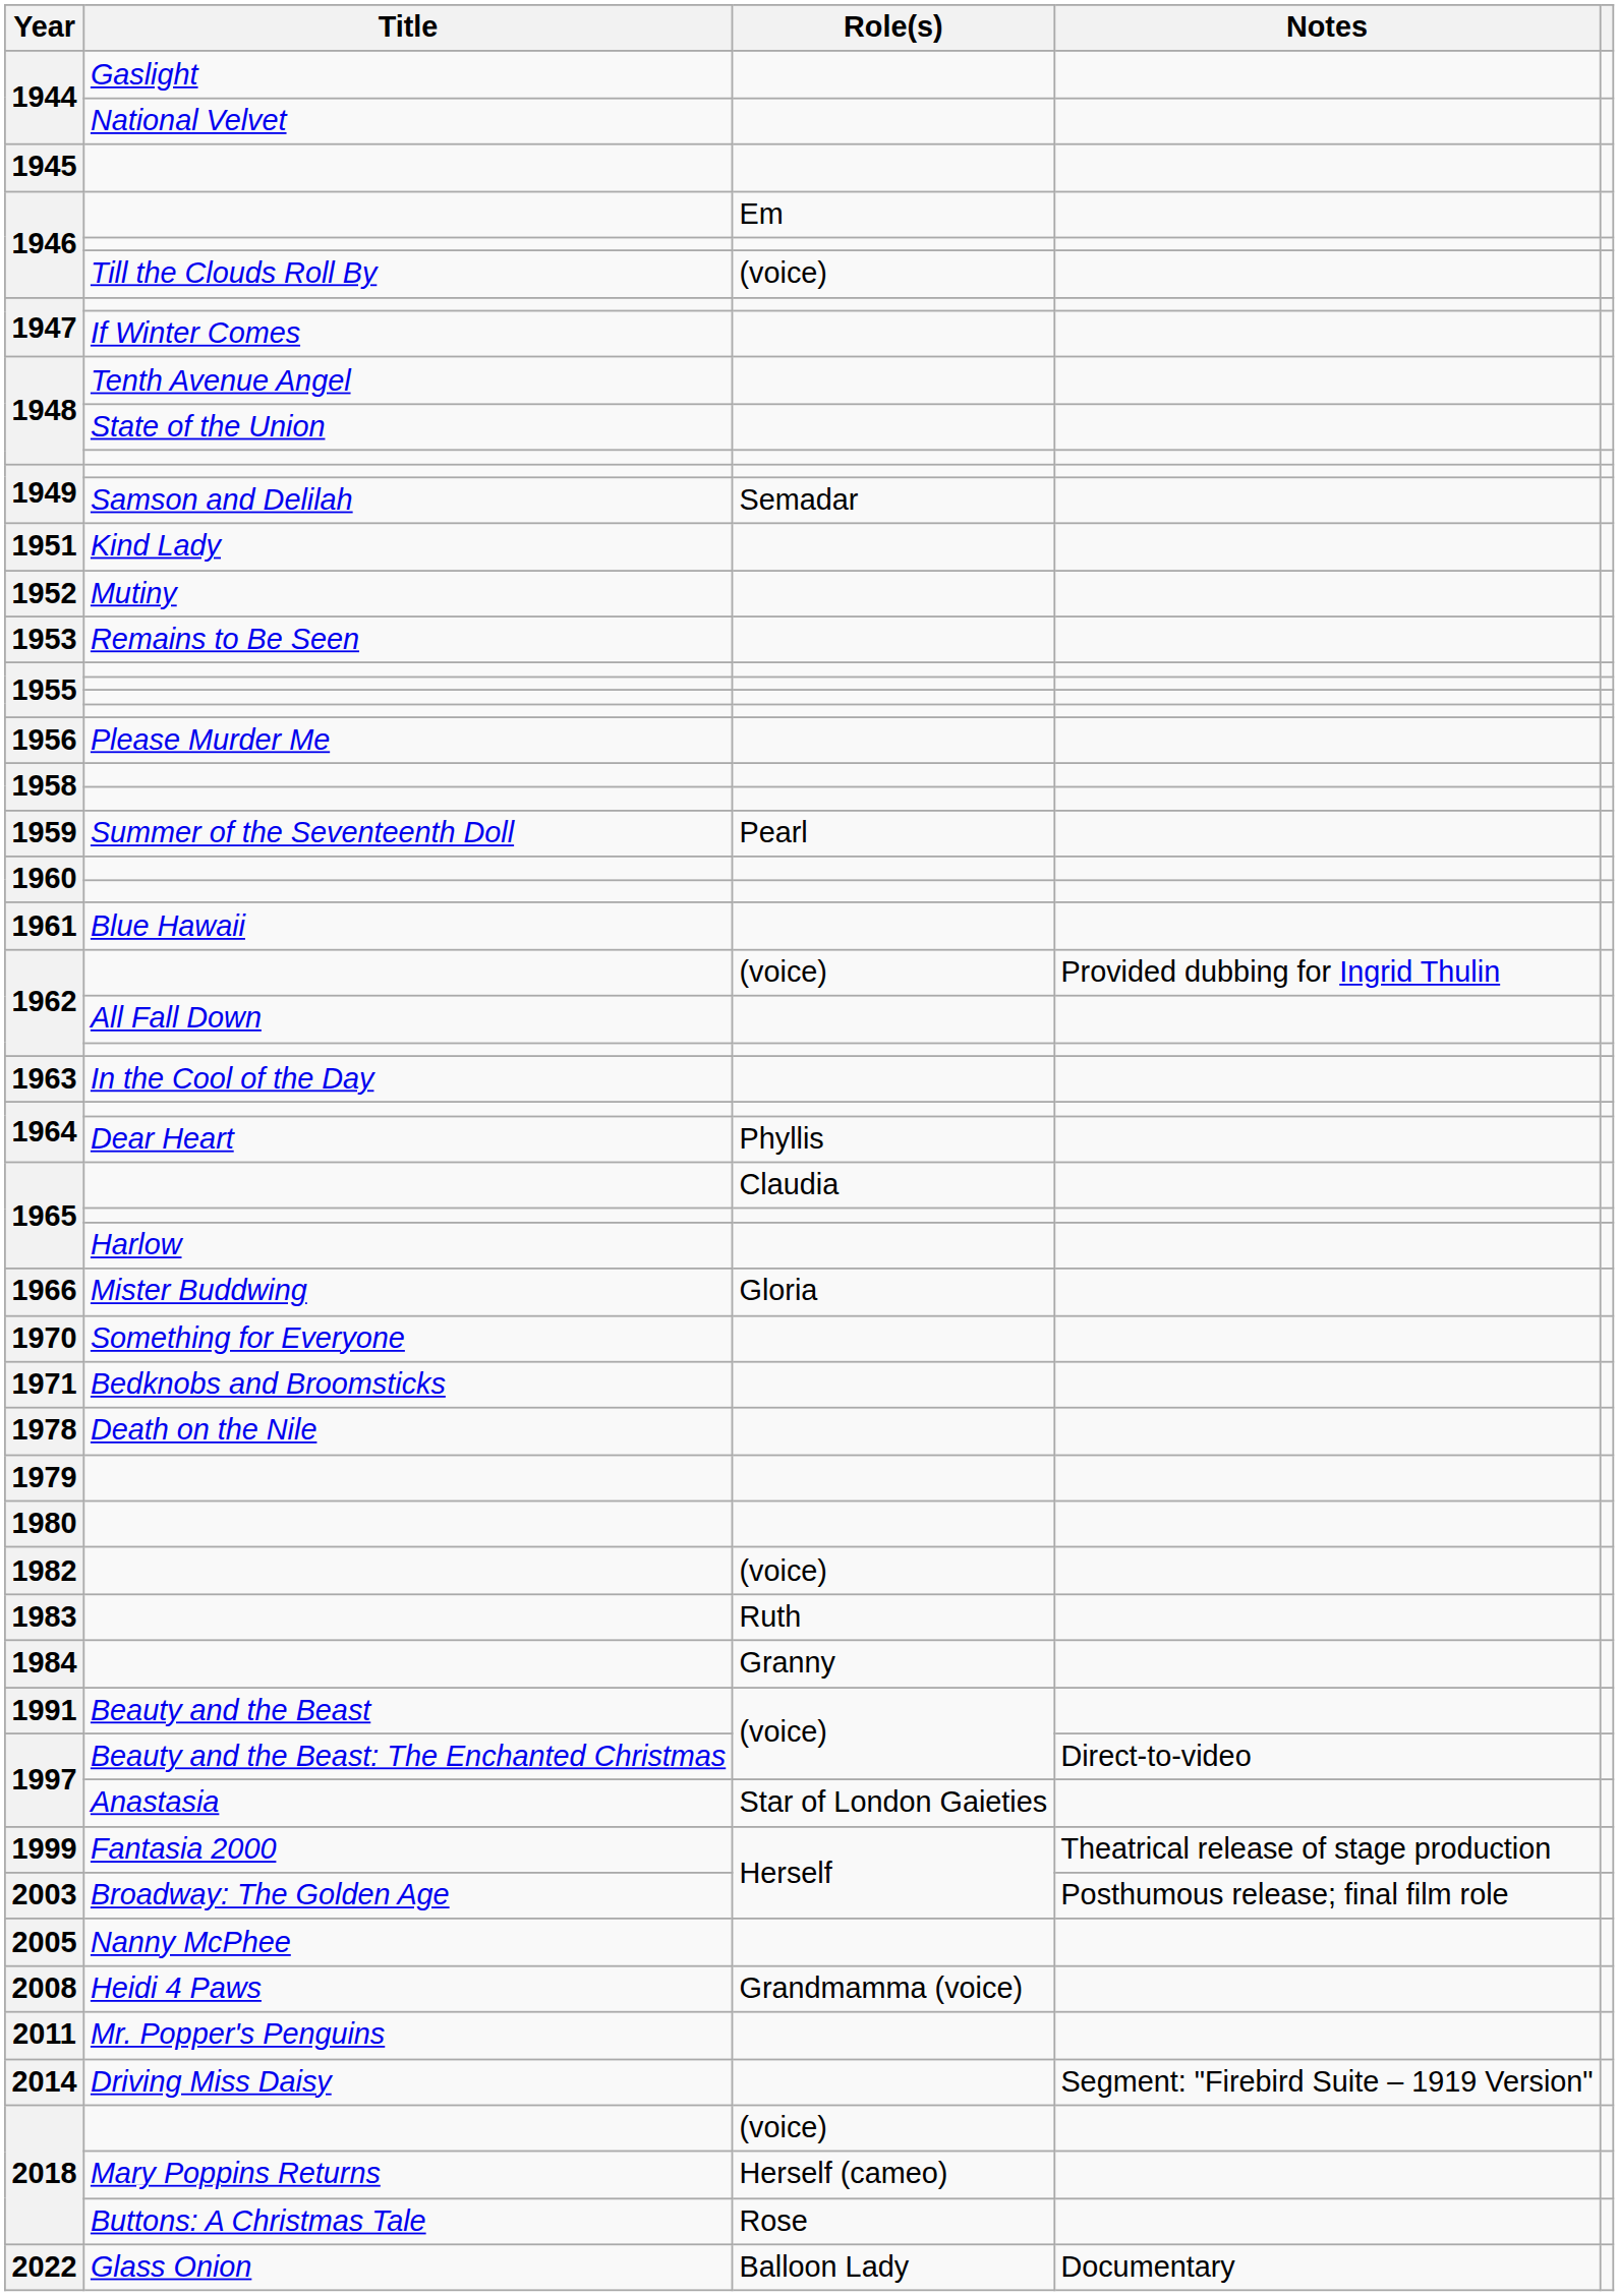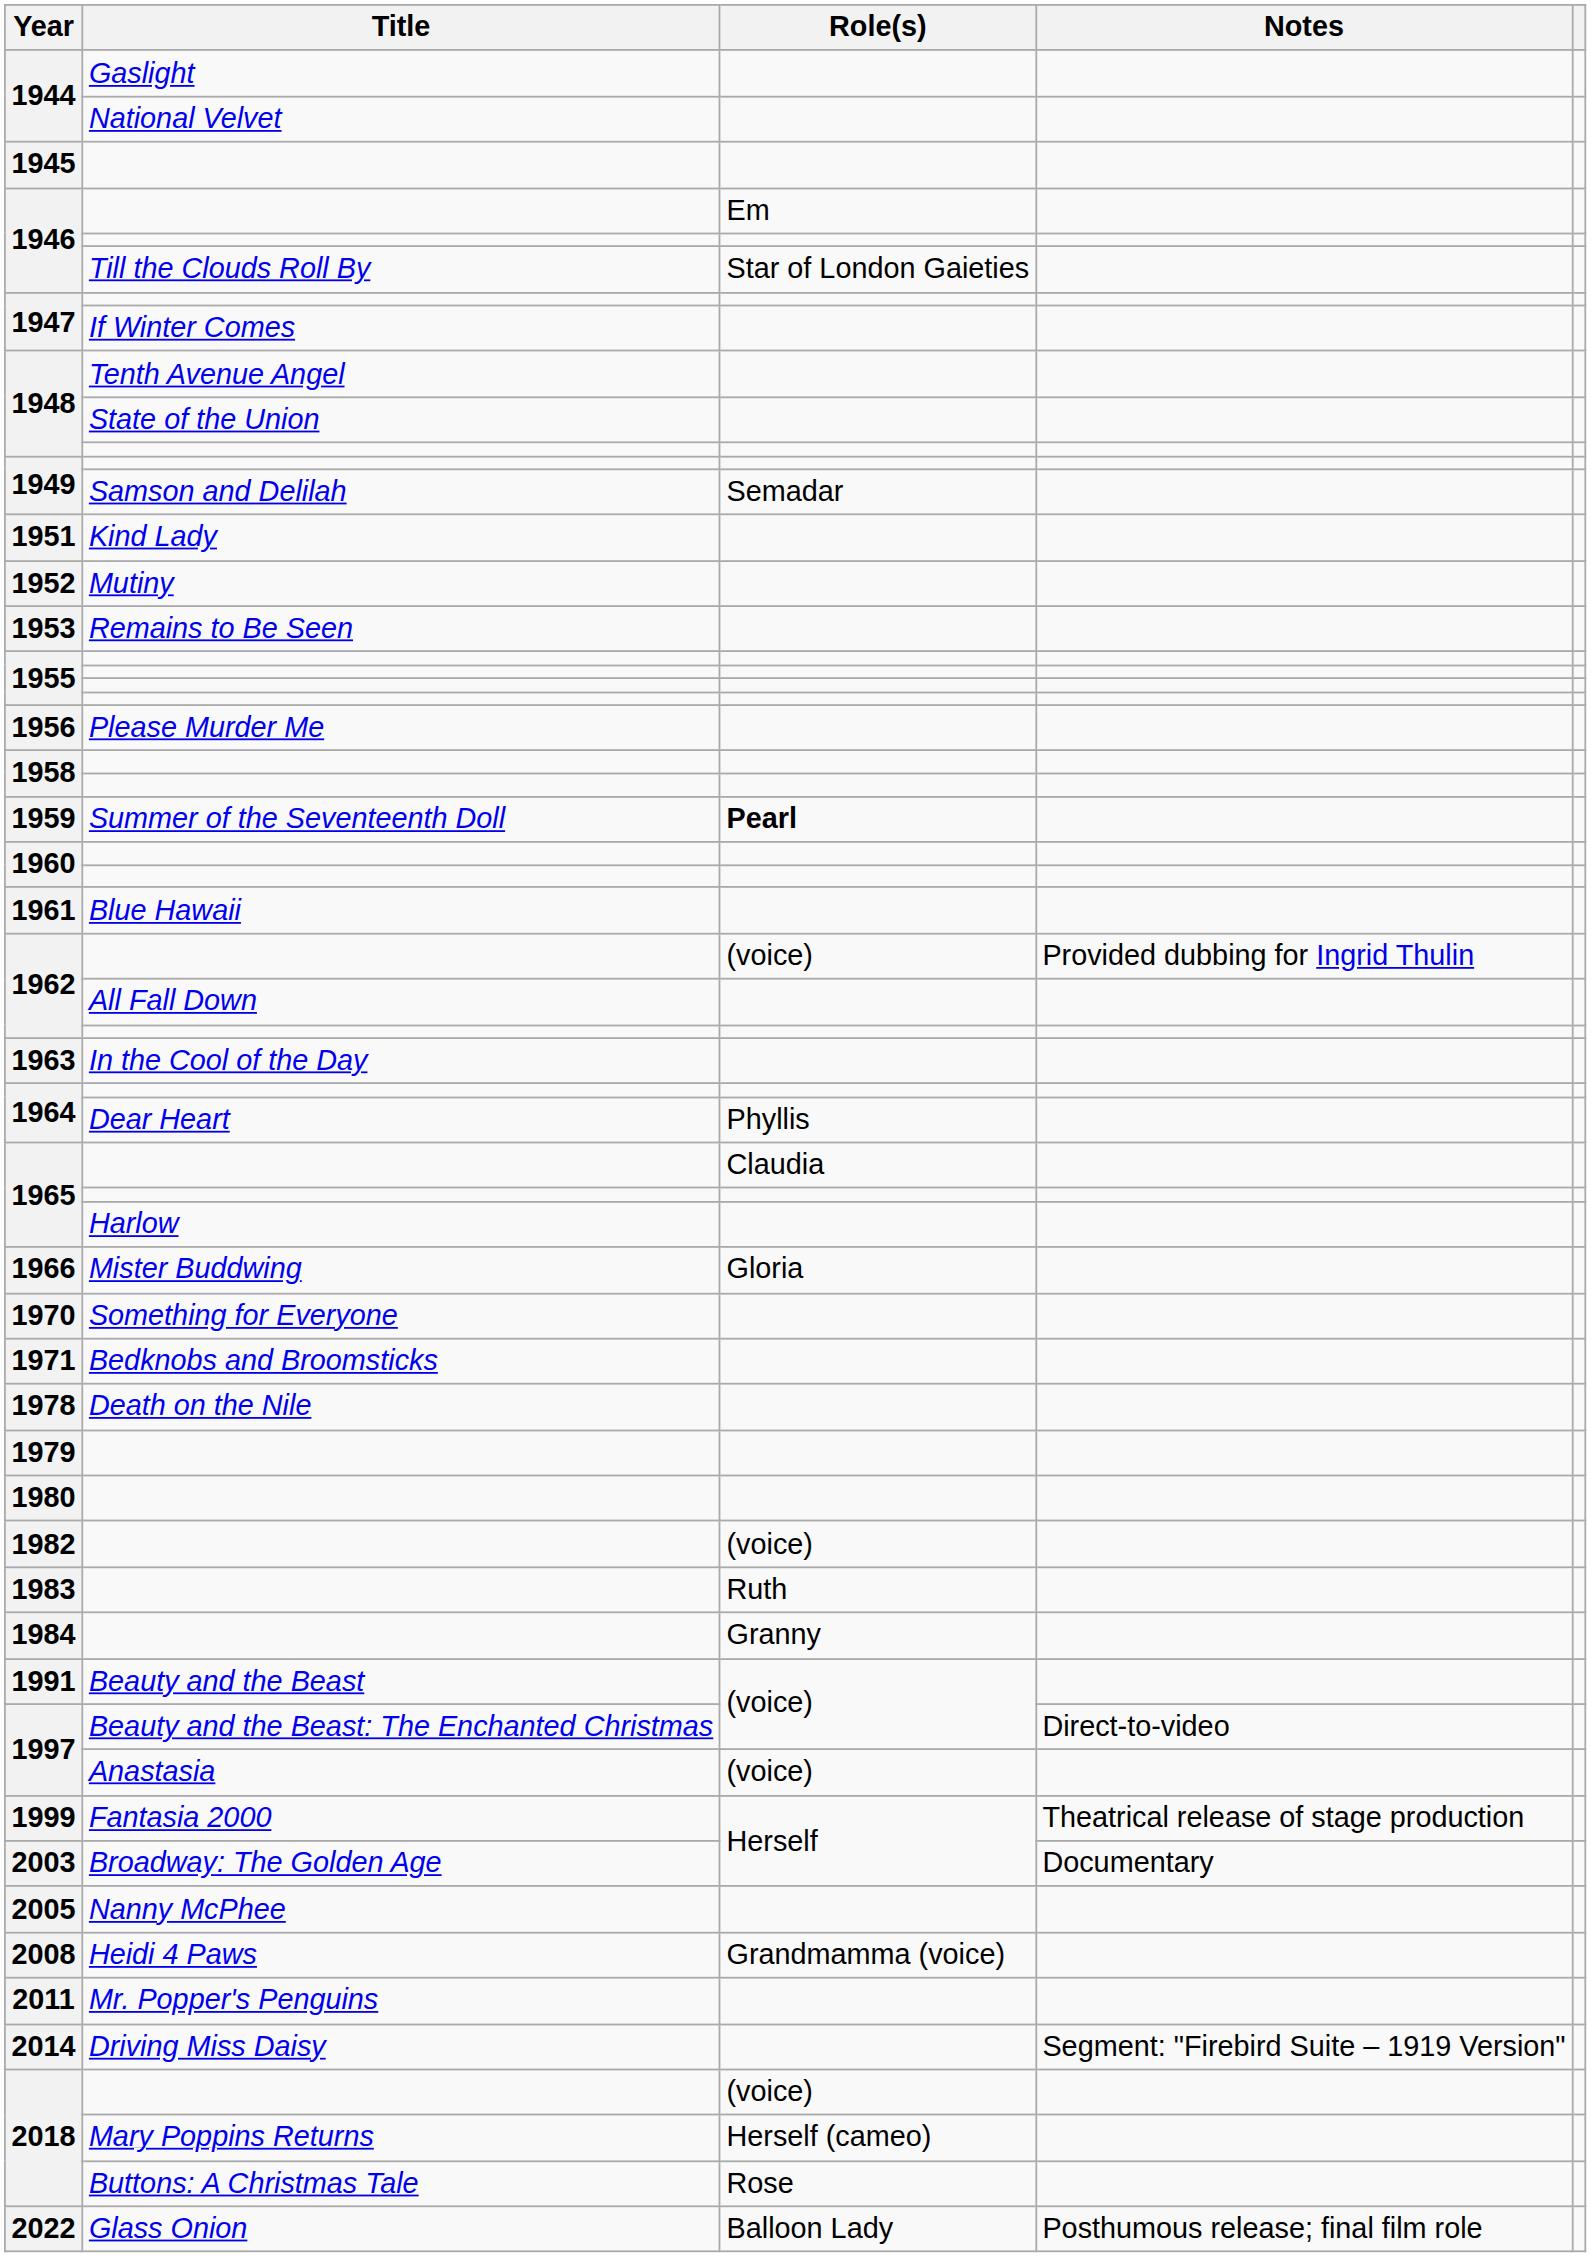 <table class="wikitable plainrowheaders sortable">
 <tr>
 <th scope="col">Year</th>
 <th scope="col">Title</th>
 <th scope="col">Role(s)</th>
 <th scope="col" class="unsortable">Notes</th>
 <th scope="col" class="unsortable"></th>
 </tr>
 <tr>
 <th rowspan="2" scope="row">1944</th>
 <td><em><a href='#'>Gaslight</a></em></td>
 <td></td>
 <td></td>
 <td style="text-align:center;"></td>
 </tr>
 <tr>
 <td><em><a href='#'>National Velvet</a></em></td>
 <td></td>
 <td></td>
 <td style="text-align:center;"></td>
 </tr>
 <tr>
 <th scope=row>1945</th>
 <td><em></em></td>
 <td></td>
 <td></td>
 <td style="text-align:center;"></td>
 </tr>
 <tr>
 <th rowspan="3" scope="row">1946</th>
 <td><em></em></td>
 <td>Em</td>
 <td></td>
 <td style="text-align:center;"></td>
 </tr>
 <tr>
 <td><em></em></td>
 <td></td>
 <td></td>
 <td style="text-align:center;"></td>
 </tr>
 <tr>
 <td><em><a href='#'>Till the Clouds Roll By</a></em></td>
-<td> (voice)</td>
+<td>Star of London Gaieties</td>
 <td></td>
 <td style="text-align:center;"></td>
 </tr>
 <tr>
 <th rowspan="2" scope="row">1947</th>
 <td><em></em></td>
 <td></td>
 <td></td>
 <td style="text-align:center;"></td>
 </tr>
 <tr>
 <td><em><a href='#'>If Winter Comes</a></em></td>
 <td></td>
 <td></td>
 <td style="text-align:center;"></td>
 </tr>
 <tr>
 <th rowspan="3" scope="row">1948</th>
 <td><em><a href='#'>Tenth Avenue Angel</a></em></td>
 <td></td>
 <td></td>
 <td style="text-align:center;"></td>
 </tr>
 <tr>
 <td><em><a href='#'>State of the Union</a></em></td>
 <td></td>
 <td></td>
 <td style="text-align:center;"></td>
 </tr>
 <tr>
 <td><em></em></td>
 <td></td>
 <td></td>
 <td style="text-align:center;"></td>
 </tr>
 <tr>
 <th rowspan="2" scope="row">1949</th>
 <td><em></em></td>
 <td></td>
 <td></td>
 <td style="text-align:center;"></td>
 </tr>
 <tr>
 <td><em><a href='#'>Samson and Delilah</a></em></td>
 <td>Semadar</td>
 <td></td>
 <td style="text-align:center;"></td>
 </tr>
 <tr>
 <th scope=row>1951</th>
 <td><em><a href='#'>Kind Lady</a></em></td>
 <td></td>
 <td></td>
 <td style="text-align:center;"></td>
 </tr>
 <tr>
 <th scope=row>1952</th>
 <td><em><a href='#'>Mutiny</a></em></td>
 <td></td>
 <td></td>
 <td style="text-align:center;"></td>
 </tr>
 <tr>
 <th scope=row>1953</th>
 <td><em><a href='#'>Remains to Be Seen</a></em></td>
 <td></td>
 <td></td>
 <td style="text-align:center;"></td>
 </tr>
 <tr>
 <th rowspan="4" scope="row">1955</th>
 <td><em></em></td>
 <td></td>
 <td></td>
 <td style="text-align:center;"></td>
 </tr>
 <tr>
 <td><em></em></td>
 <td></td>
 <td></td>
 <td style="text-align:center;"></td>
 </tr>
 <tr>
 <td><em></em></td>
 <td></td>
 <td></td>
 <td style="text-align:center;"></td>
 </tr>
 <tr>
 <td><em></em></td>
 <td></td>
 <td></td>
 <td style="text-align:center;"></td>
 </tr>
 <tr>
 <th scope=row>1956</th>
 <td><em><a href='#'>Please Murder Me</a></em></td>
 <td></td>
 <td></td>
 <td style="text-align:center;"></td>
 </tr>
 <tr>
 <th rowspan="2" scope="row">1958</th>
 <td><em></em></td>
 <td></td>
 <td></td>
 <td style="text-align:center;"></td>
 </tr>
 <tr>
 <td><em></em></td>
 <td></td>
 <td></td>
 <td style="text-align:center;"></td>
 </tr>
 <tr>
 <th scope=row>1959</th>
 <td><em><a href='#'>Summer of the Seventeenth Doll</a></em></td>
-<td>Pearl</td>
+<td><strong>Pearl</strong></td>
 <td></td>
 <td style="text-align:center;"></td>
 </tr>
 <tr>
 <th rowspan="2" scope="row">1960</th>
 <td><em></em></td>
 <td></td>
 <td></td>
 <td style="text-align:center;"></td>
 </tr>
 <tr>
 <td><em></em></td>
 <td></td>
 <td></td>
 <td style="text-align:center;"></td>
 </tr>
 <tr>
 <th scope=row>1961</th>
 <td><em><a href='#'>Blue Hawaii</a></em></td>
 <td></td>
 <td></td>
 <td style="text-align:center;"></td>
 </tr>
 <tr>
 <th rowspan="3" scope="row">1962</th>
 <td><em></em></td>
 <td> (voice)</td>
 <td>Provided dubbing for <a href='#'>Ingrid Thulin</a></td>
 <td style="text-align:center;"></td>
 </tr>
 <tr>
 <td><em><a href='#'>All Fall Down</a></em></td>
 <td></td>
 <td></td>
 <td style="text-align:center;"></td>
 </tr>
 <tr>
 <td><em></em></td>
 <td></td>
 <td></td>
 <td style="text-align:center;"></td>
 </tr>
 <tr>
 <th scope=row>1963</th>
 <td><em><a href='#'>In the Cool of the Day</a></em></td>
 <td></td>
 <td></td>
 <td style="text-align:center;"></td>
 </tr>
 <tr>
 <th rowspan="2" scope="row">1964</th>
 <td><em></em></td>
 <td></td>
 <td></td>
 <td style="text-align:center;"></td>
 </tr>
 <tr>
 <td><em><a href='#'>Dear Heart</a></em></td>
 <td>Phyllis</td>
 <td></td>
 <td style="text-align:center;"></td>
 </tr>
 <tr>
 <th rowspan="3" scope="row">1965</th>
 <td><em></em></td>
 <td>Claudia</td>
 <td></td>
 <td style="text-align:center;"></td>
 </tr>
 <tr>
 <td><em></em></td>
 <td></td>
 <td></td>
 <td style="text-align:center;"></td>
 </tr>
 <tr>
 <td><em><a href='#'>Harlow</a></em></td>
 <td></td>
 <td></td>
 <td style="text-align:center;"></td>
 </tr>
 <tr>
 <th scope=row>1966</th>
 <td><em><a href='#'>Mister Buddwing</a></em></td>
 <td>Gloria</td>
 <td></td>
 <td style="text-align:center;"></td>
 </tr>
 <tr>
 <th scope=row>1970</th>
 <td><em><a href='#'>Something for Everyone</a></em></td>
 <td></td>
 <td></td>
 <td style="text-align:center;"></td>
 </tr>
 <tr>
 <th scope=row>1971</th>
 <td><em><a href='#'>Bedknobs and Broomsticks</a></em></td>
 <td></td>
 <td></td>
 <td style="text-align:center;"></td>
 </tr>
 <tr>
 <th scope=row>1978</th>
 <td><em><a href='#'>Death on the Nile</a></em></td>
 <td></td>
 <td></td>
 <td style="text-align:center;"></td>
 </tr>
 <tr>
 <th scope=row>1979</th>
 <td><em></em></td>
 <td></td>
 <td></td>
 <td style="text-align:center;"></td>
 </tr>
 <tr>
 <th scope=row>1980</th>
 <td><em></em></td>
 <td></td>
 <td></td>
 <td style="text-align:center;"></td>
 </tr>
 <tr>
 <th scope=row>1982</th>
 <td><em></em></td>
 <td> (voice)</td>
 <td></td>
 <td style="text-align:center;"></td>
 </tr>
 <tr>
 <th scope=row>1983</th>
 <td><em></em></td>
 <td>Ruth</td>
 <td></td>
 <td style="text-align:center;"></td>
 </tr>
 <tr>
 <th scope=row>1984</th>
 <td><em></em></td>
 <td>Granny</td>
 <td></td>
 <td style="text-align:center;"></td>
 </tr>
 <tr>
 <th scope=row>1991</th>
 <td><em><a href='#'>Beauty and the Beast</a></em></td>
 <td rowspan="2"> (voice)</td>
 <td></td>
 <td style="text-align:center;"></td>
 </tr>
 <tr>
 <th rowspan="2" scope="row">1997</th>
 <td><em><a href='#'>Beauty and the Beast: The Enchanted Christmas</a></em></td>
 <td>Direct-to-video</td>
 <td style="text-align:center;"></td>
 </tr>
 <tr>
 <td><em><a href='#'>Anastasia</a></em></td>
-<td>Star of London Gaieties</td>
+<td> (voice)</td>
 <td></td>
 <td style="text-align:center;"></td>
 </tr>
 <tr>
 <th scope=row>1999</th>
 <td><em><a href='#'>Fantasia 2000</a></em></td>
 <td rowspan="2">Herself</td>
 <td>Theatrical release of stage production</td>
 <td style="text-align:center;"></td>
 </tr>
 <tr>
 <th scope=row>2003</th>
 <td><em><a href='#'>Broadway: The Golden Age</a></em></td>
-<td>Posthumous release; final film role</td>
+<td>Documentary</td>
 <td style="text-align:center;"></td>
 </tr>
 <tr>
 <th scope=row>2005</th>
 <td><em><a href='#'>Nanny McPhee</a></em></td>
 <td></td>
 <td></td>
 <td style="text-align:center;"></td>
 </tr>
 <tr>
 <th scope=row>2008</th>
 <td><em><a href='#'>Heidi 4 Paws</a></em></td>
 <td>Grandmamma (voice)</td>
 <td></td>
 <td style="text-align:center;"></td>
 </tr>
 <tr>
 <th scope=row>2011</th>
 <td><em><a href='#'>Mr. Popper's Penguins</a></em></td>
 <td></td>
 <td></td>
 <td style="text-align:center;"></td>
 </tr>
 <tr>
 <th scope=row>2014</th>
 <td><em><a href='#'>Driving Miss Daisy</a></em></td>
 <td></td>
 <td>Segment: "Firebird Suite – 1919 Version"</td>
 <td style="text-align:center;"></td>
 </tr>
 <tr>
 <th rowspan="3" scope="row">2018</th>
 <td><em></em></td>
 <td> (voice)</td>
 <td></td>
 <td style="text-align:center;"></td>
 </tr>
 <tr>
 <td><em><a href='#'>Mary Poppins Returns</a></em></td>
 <td>Herself (cameo)</td>
 <td></td>
 <td style="text-align:center;"></td>
 </tr>
 <tr>
 <td><em><a href='#'>Buttons: A Christmas Tale</a></em></td>
 <td>Rose</td>
 <td></td>
 <td style="text-align:center;"></td>
 </tr>
 <tr>
 <th scope=row>2022</th>
 <td><em><a href='#'>Glass Onion</a></em></td>
 <td>Balloon Lady</td>
-<td>Documentary</td>
+<td>Posthumous release; final film role</td>
 <td style="text-align:center;"></td>
 </tr>
 </table>
